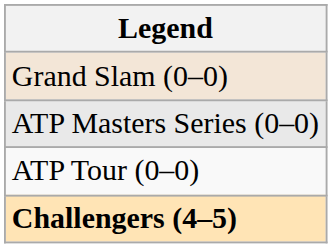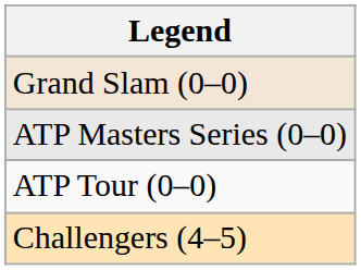 <table class=wikitable>
 <tr>
 <th>Legend</th>
 </tr>
 <tr style="background:#f3e6d7;">
 <td>Grand Slam (0–0)</td>
 </tr>
 <tr style="background:#e9e9e9;">
 <td>ATP Masters Series (0–0)</td>
 </tr>
 <tr>
 <td>ATP Tour (0–0)</td>
 </tr>
 <tr bgcolor=moccasin>
-<td><strong>Challengers (4–5)</strong></td>
+<td>Challengers (4–5)</td>
 </tr>
 </table>
